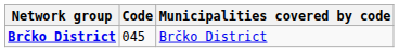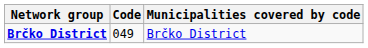 <table class="wikitable">
 <tr>
 <th>Network group</th>
 <th>Code</th>
 <th>Municipalities covered by code</th>
 </tr>
 <tr>
 <td><strong><a href='#'>Brčko District</a></strong></td>
-<td>045</td>
+<td>049</td>
 <td><a href='#'>Brčko District</a></td>
 </tr>
 </table>
